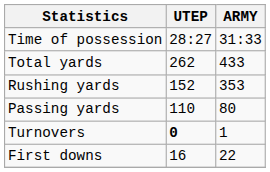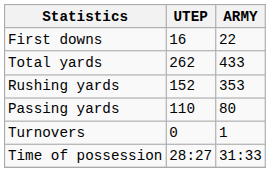 <table class="wikitable">
 <tr>
 <th>Statistics</th>
 <th>UTEP</th>
 <th>ARMY</th>
 </tr>
 <tr>
-<td>Time of possession</td>
-<td>28:27</td>
-<td>31:33</td>
+<td>First downs</td>
+<td>16</td>
+<td>22</td>
 </tr>
 <tr>
 <td>Total yards</td>
 <td>262</td>
 <td>433</td>
 </tr>
 <tr>
 <td>Rushing yards</td>
 <td>152</td>
 <td>353</td>
 </tr>
 <tr>
 <td>Passing yards</td>
 <td>110</td>
 <td>80</td>
 </tr>
 <tr>
 <td>Turnovers</td>
-<td><strong>0</strong></td>
+<td>0</td>
 <td>1</td>
 </tr>
 <tr>
-<td>First downs</td>
-<td>16</td>
-<td>22</td>
+<td>Time of possession</td>
+<td>28:27</td>
+<td>31:33</td>
 </tr>
 <tr>
 </tr>
 </table>
